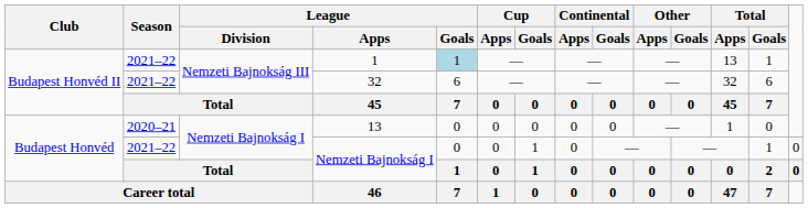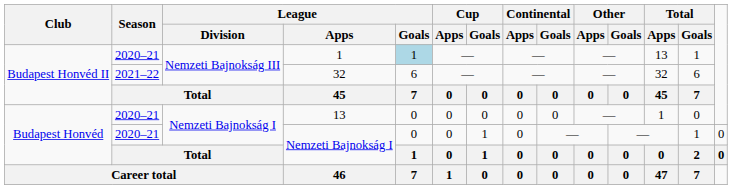 <table class="wikitable" style="text-align:center">
 <tr>
 <th rowspan="2">Club</th>
 <th rowspan="2">Season</th>
 <th colspan="3">League</th>
 <th colspan="2">Cup</th>
 <th colspan="2">Continental</th>
 <th colspan="2">Other</th>
 <th colspan="2">Total</th>
 </tr>
 <tr>
 <th>Division</th>
 <th>Apps</th>
 <th>Goals</th>
 <th>Apps</th>
 <th>Goals</th>
 <th>Apps</th>
 <th>Goals</th>
 <th>Apps</th>
 <th>Goals</th>
 <th>Apps</th>
 <th>Goals</th>
 </tr>
 <tr>
 <td rowspan="3"><a href='#'>Budapest Honvéd II</a></td>
-<td><a href='#'>2021–22</a></td>
+<td><a href='#'>2020–21</a></td>
 <td rowspan="2"><a href='#'>Nemzeti Bajnokság III</a></td>
 <td>1</td>
 <td style="background: lightblue;">1</td>
 <td colspan="2">—</td>
 <td colspan="2">—</td>
 <td colspan="2">—</td>
 <td>13</td>
 <td>1</td>
 </tr>
 <tr>
 <td><a href='#'>2021–22</a></td>
 <td>32</td>
 <td>6</td>
 <td colspan="2">—</td>
 <td colspan="2">—</td>
 <td colspan="2">—</td>
 <td>32</td>
 <td>6</td>
 </tr>
 <tr>
 <th colspan="2">Total</th>
 <th>45</th>
 <th>7</th>
 <th>0</th>
 <th>0</th>
 <th>0</th>
 <th>0</th>
 <th>0</th>
 <th>0</th>
 <th>45</th>
 <th>7</th>
 </tr>
 <tr>
 <td rowspan="3"><a href='#'>Budapest Honvéd</a></td>
 <td><a href='#'>2020–21</a></td>
 <td rowspan="2"><a href='#'>Nemzeti Bajnokság I</a></td>
 <td>13</td>
 <td>0</td>
 <td>0</td>
 <td>0</td>
 <td>0</td>
 <td>0</td>
 <td colspan="2">—</td>
 <td>1</td>
 <td>0</td>
 </tr>
 <tr>
-<td><a href='#'>2021–22</a></td>
+<td><a href='#'>2020–21</a></td>
 <td rowspan="2"><a href='#'>Nemzeti Bajnokság I</a></td>
 <td>0</td>
 <td>0</td>
 <td>1</td>
 <td>0</td>
 <td colspan="2">—</td>
 <td colspan="2">—</td>
 <td>1</td>
 <td>0</td>
 </tr>
 <tr>
 <th colspan="2">Total</th>
 <th>1</th>
 <th>0</th>
 <th>1</th>
 <th>0</th>
 <th>0</th>
 <th>0</th>
 <th>0</th>
 <th>0</th>
 <th>2</th>
 <th>0</th>
 </tr>
 <tr>
 <th colspan="3">Career total</th>
 <th>46</th>
 <th>7</th>
 <th>1</th>
 <th>0</th>
 <th>0</th>
 <th>0</th>
 <th>0</th>
 <th>0</th>
 <th>47</th>
 <th>7</th>
 </tr>
 </table>
